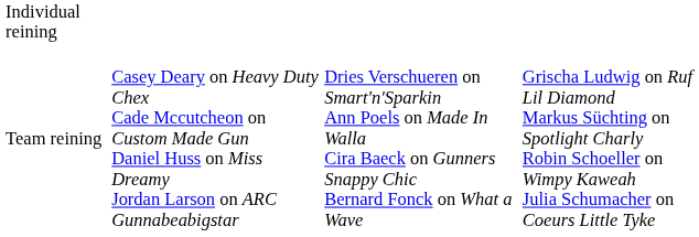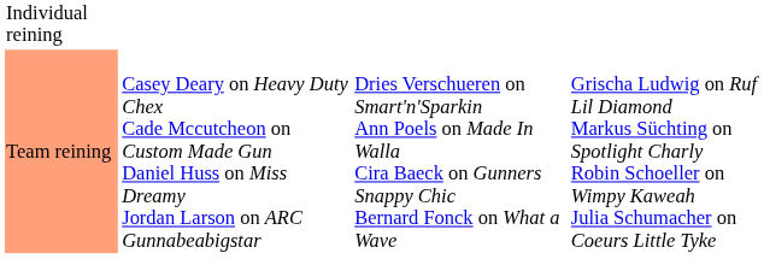 <table>
 <tr>
 <td>Individual reining<br></td>
 <td></td>
 <td></td>
 <td></td>
 </tr>
 <tr>
-<td>Team reining<br></td>
+<td style="background: lightsalmon;">Team reining<br></td>
 <td><br><a href='#'>Casey Deary</a> on <em>Heavy Duty Chex</em><br><a href='#'>Cade Mccutcheon</a> on <em>Custom Made Gun</em><br><a href='#'>Daniel Huss</a> on <em>Miss Dreamy</em><br><a href='#'>Jordan Larson</a> on <em>ARC Gunnabeabigstar</em></td>
 <td><br><a href='#'>Dries Verschueren</a> on <em>Smart'n'Sparkin</em><br><a href='#'>Ann Poels</a> on <em>Made In Walla</em><br><a href='#'>Cira Baeck</a> on <em>Gunners Snappy Chic</em><br><a href='#'>Bernard Fonck</a> on <em>What a Wave</em></td>
 <td><br><a href='#'>Grischa Ludwig</a> on <em>Ruf Lil Diamond</em><br><a href='#'>Markus Süchting</a> on <em>Spotlight Charly</em><br><a href='#'>Robin Schoeller</a> on <em>Wimpy Kaweah</em><br><a href='#'>Julia Schumacher</a> on <em>Coeurs Little Tyke</em></td>
 </tr>
 </table>
